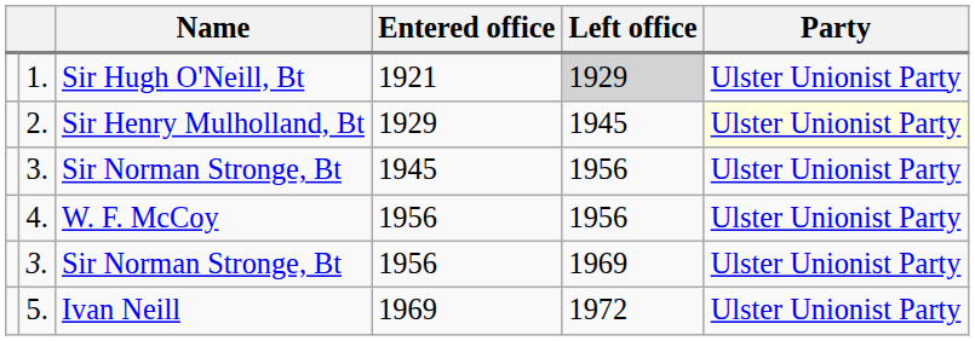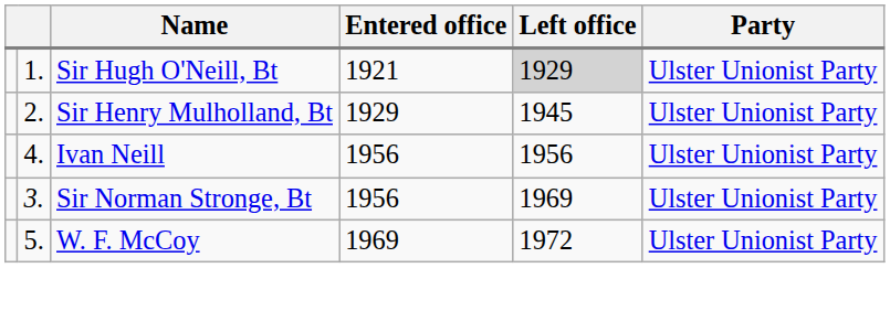 <table class="wikitable">
 <tr style="border-bottom: 2px solid gray;">
 <th colspan="2"></th>
 <th>Name</th>
 <th>Entered office</th>
 <th>Left office</th>
 <th>Party</th>
 </tr>
 <tr>
 <td style="background:"></td>
 <td>1.</td>
 <td><a href='#'>Sir Hugh O'Neill, Bt</a></td>
 <td>1921</td>
 <td style="background: lightgrey;">1929</td>
 <td><a href='#'>Ulster Unionist Party</a></td>
 </tr>
 <tr>
 <td style="background:"></td>
 <td>2.</td>
 <td><a href='#'>Sir Henry Mulholland, Bt</a></td>
 <td>1929</td>
 <td>1945</td>
-<td style="background: lightyellow;"><a href='#'>Ulster Unionist Party</a></td>
-</tr>
-<tr>
-<td style="background:"></td>
-<td>3.</td>
-<td><a href='#'>Sir Norman Stronge, Bt</a></td>
-<td>1945</td>
-<td>1956</td>
 <td><a href='#'>Ulster Unionist Party</a></td>
 </tr>
 <tr>
 <td style="background:"></td>
 <td>4.</td>
-<td><a href='#'>W. F. McCoy</a></td>
+<td><a href='#'>Ivan Neill</a></td>
 <td>1956</td>
 <td>1956</td>
 <td><a href='#'>Ulster Unionist Party</a></td>
 </tr>
 <tr>
 <td style="background:"></td>
 <td><em>3.</em></td>
 <td><a href='#'>Sir Norman Stronge, Bt</a></td>
 <td>1956</td>
 <td>1969</td>
 <td><a href='#'>Ulster Unionist Party</a></td>
 </tr>
 <tr>
 <td style="background:"></td>
 <td>5.</td>
-<td><a href='#'>Ivan Neill</a></td>
+<td><a href='#'>W. F. McCoy</a></td>
 <td>1969</td>
 <td>1972</td>
 <td><a href='#'>Ulster Unionist Party</a></td>
 </tr>
 </table>
